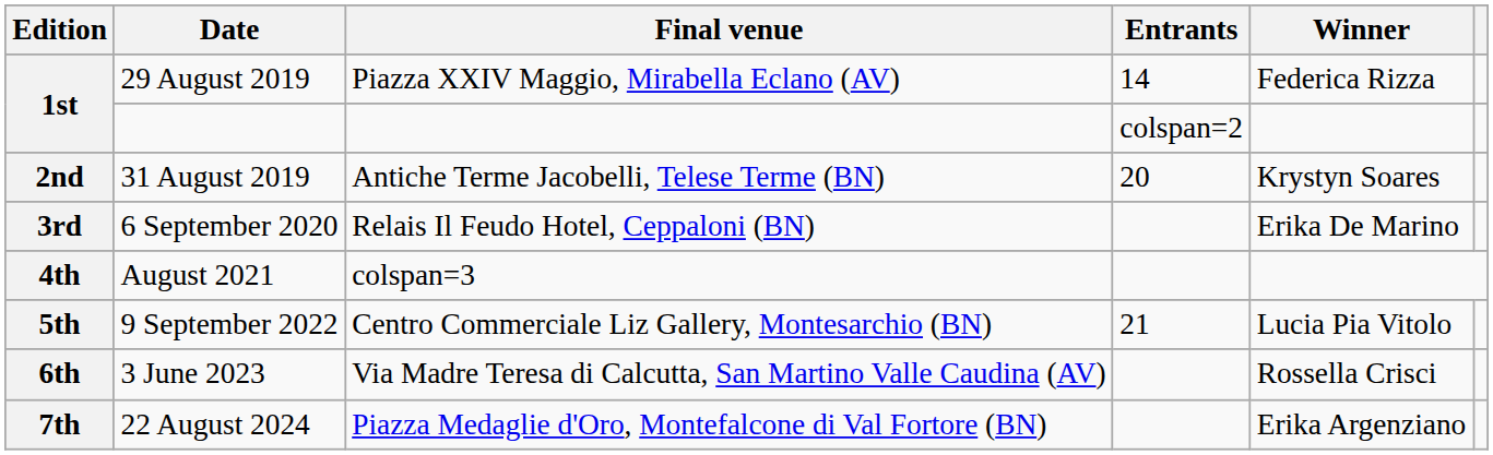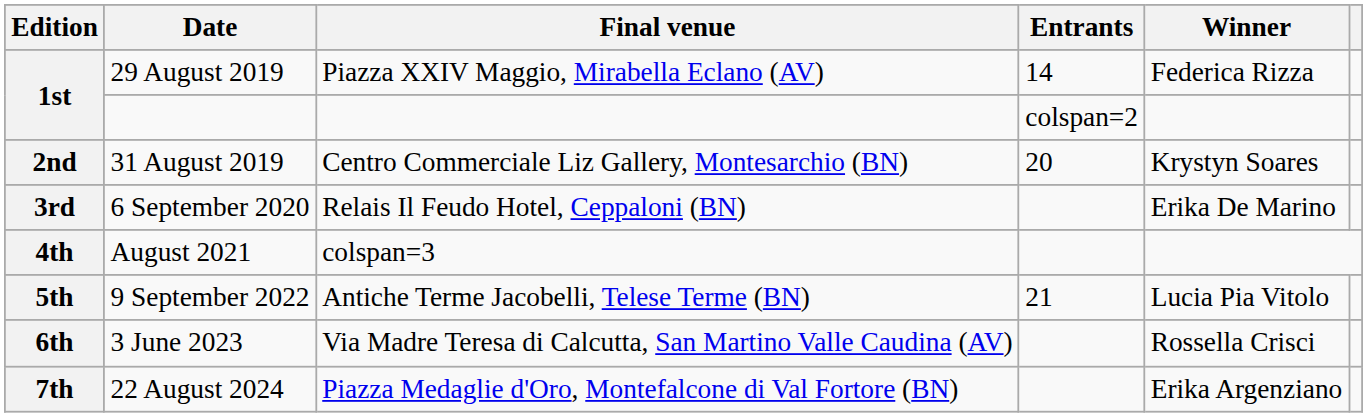 <table class="wikitable defaultcenter col2left col3left col5left" style="font-size:95%;">
 <tr>
 <th>Edition</th>
 <th>Date</th>
 <th>Final venue</th>
 <th>Entrants</th>
 <th>Winner</th>
 <th></th>
 </tr>
 <tr>
 <th rowspan=2>1st</th>
 <td>29 August 2019</td>
 <td>Piazza XXIV Maggio, <a href='#'>Mirabella Eclano</a> (<a href='#'>AV</a>)</td>
 <td>14</td>
 <td>Federica Rizza</td>
 <td></td>
 </tr>
 <tr>
 <td></td>
 <td></td>
 <td>colspan=2 </td>
 <td></td>
 </tr>
 <tr>
 <th>2nd</th>
 <td>31 August 2019</td>
-<td>Antiche Terme Jacobelli, <a href='#'>Telese Terme</a> (<a href='#'>BN</a>)</td>
+<td>Centro Commerciale Liz Gallery, <a href='#'>Montesarchio</a> (<a href='#'>BN</a>)</td>
 <td>20</td>
 <td>Krystyn Soares</td>
 <td></td>
 </tr>
 <tr>
 <th>3rd</th>
 <td>6 September 2020</td>
 <td>Relais Il Feudo Hotel, <a href='#'>Ceppaloni</a> (<a href='#'>BN</a>)</td>
 <td></td>
 <td>Erika De Marino</td>
 <td></td>
 </tr>
 <tr>
 <th>4th</th>
 <td>August 2021</td>
 <td>colspan=3 </td>
 <td></td>
 </tr>
 <tr>
 <th>5th</th>
 <td>9 September 2022</td>
-<td>Centro Commerciale Liz Gallery, <a href='#'>Montesarchio</a> (<a href='#'>BN</a>)</td>
+<td>Antiche Terme Jacobelli, <a href='#'>Telese Terme</a> (<a href='#'>BN</a>)</td>
 <td>21</td>
 <td>Lucia Pia Vitolo</td>
 <td></td>
 </tr>
 <tr>
 <th>6th</th>
 <td>3 June 2023</td>
 <td>Via Madre Teresa di Calcutta, <a href='#'>San Martino Valle Caudina</a> (<a href='#'>AV</a>)</td>
 <td></td>
 <td>Rossella Crisci</td>
 <td></td>
 </tr>
 <tr>
 <th>7th</th>
 <td>22 August 2024</td>
 <td><a href='#'>Piazza Medaglie d'Oro</a>, <a href='#'>Montefalcone di Val Fortore</a> (<a href='#'>BN</a>)</td>
 <td></td>
 <td>Erika Argenziano</td>
 <td></td>
 </tr>
 </table>
